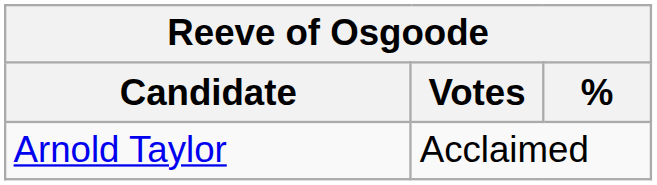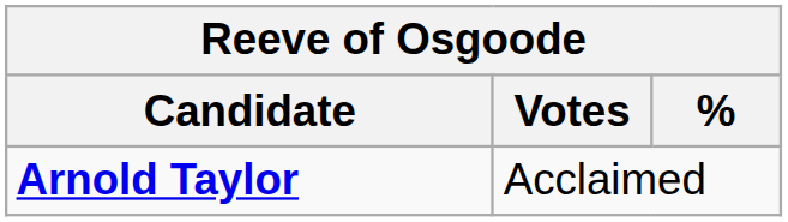 <table class="wikitable">
 <tr>
 <th colspan="3">Reeve of Osgoode</th>
 </tr>
 <tr>
 <th style="width: 170px">Candidate</th>
 <th style="width: 50px">Votes</th>
 <th style="width: 40px">%</th>
 </tr>
 <tr>
-<td><a href='#'>Arnold Taylor</a></td>
+<td><strong><a href='#'>Arnold Taylor</a></strong></td>
 <td colspan="2">Acclaimed</td>
 </tr>
 </table>
